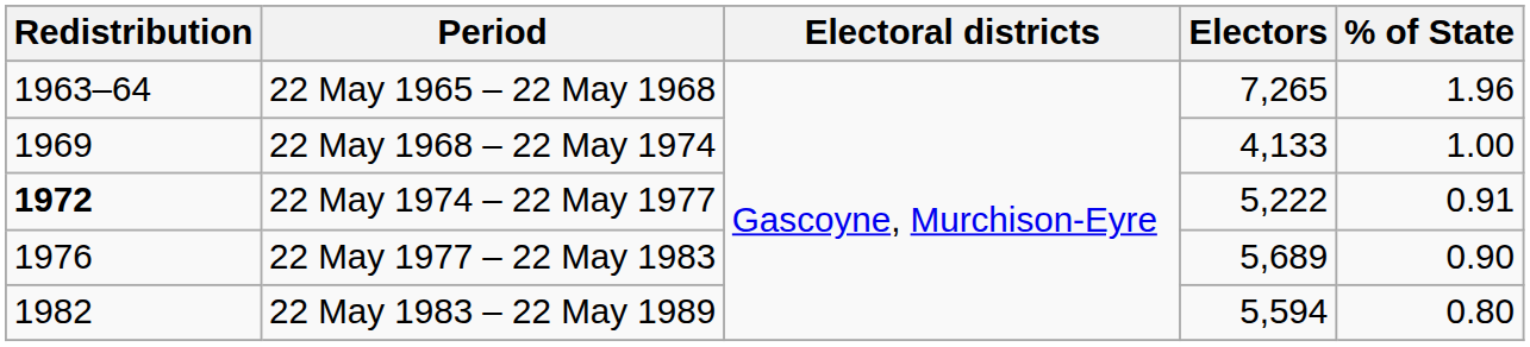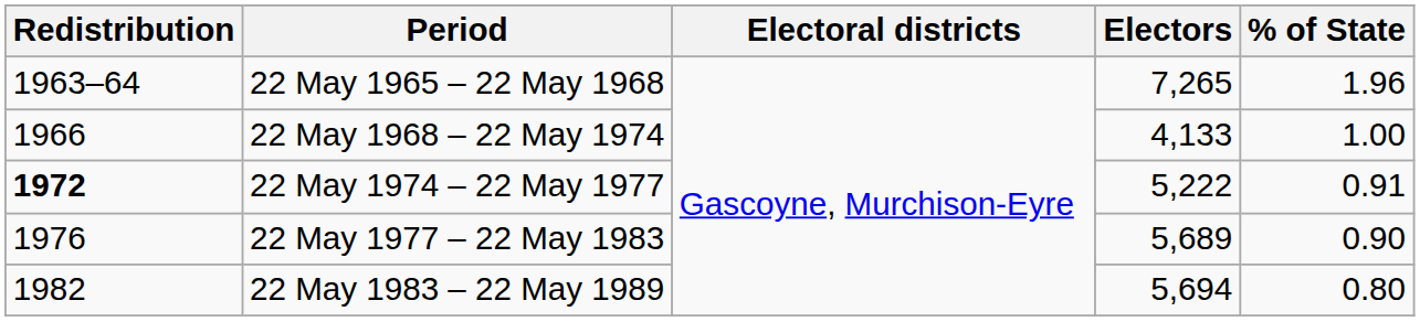 <table class="wikitable">
 <tr>
 <th>Redistribution</th>
 <th>Period</th>
 <th>Electoral districts</th>
 <th>Electors</th>
 <th>% of State</th>
 </tr>
 <tr>
 <td>1963–64</td>
 <td>22 May 1965 – 22 May 1968</td>
 <td rowspan=5 width = 200><br><a href='#'>Gascoyne</a>, <a href='#'>Murchison-Eyre</a></td>
 <td align=right>7,265</td>
 <td align=right>1.96</td>
 </tr>
 <tr>
-<td>1969</td>
+<td>1966</td>
 <td>22 May 1968 – 22 May 1974</td>
 <td align=right>4,133</td>
 <td align=right>1.00</td>
 </tr>
 <tr>
 <td><strong>1972</strong></td>
 <td>22 May 1974 – 22 May 1977</td>
 <td align=right>5,222</td>
 <td align=right>0.91</td>
 </tr>
 <tr>
 <td>1976</td>
 <td>22 May 1977 – 22 May 1983</td>
 <td align=right>5,689</td>
 <td align=right>0.90</td>
 </tr>
 <tr>
 <td>1982</td>
 <td>22 May 1983 – 22 May 1989</td>
-<td align=right>5,594</td>
+<td align=right>5,694</td>
 <td align=right>0.80</td>
 </tr>
 </table>
